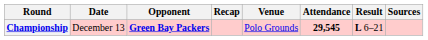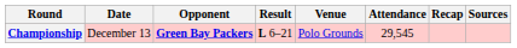 <table class="wikitable" style="text-align:center">
 <tr>
 <th>Round</th>
 <th>Date</th>
 <th>Opponent</th>
-<th>Recap</th>
+<th>Result</th>
 <th>Venue</th>
 <th>Attendance</th>
-<th>Result</th>
+<th>Recap</th>
 <th>Sources</th>
 </tr>
 <tr style="background:#fcc">
 <th><a href='#'>Championship</a></th>
 <td>December 13</td>
 <td><strong><a href='#'>Green Bay Packers</a></strong></td>
+<td><strong>L</strong> 6–21</td>
+<td><a href='#'>Polo Grounds</a></td>
+<td>29,545</td>
 <td></td>
-<td><a href='#'>Polo Grounds</a></td>
-<td><strong>29,545</strong></td>
-<td><strong>L</strong> 6–21</td>
 <td></td>
 </tr>
 </table>
